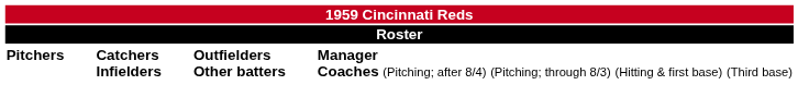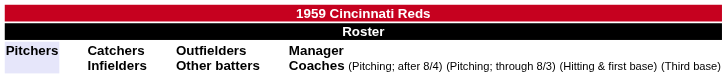 <table class="toccolours" style="font-size: 95%;">
 <tr>
 <th colspan="10" style="background-color: #c6011f; color: white; text-align: center;">1959 Cincinnati Reds</th>
 </tr>
 <tr>
 <td colspan="10" style="background-color: black; color: white; text-align: center;"><strong>Roster</strong></td>
 </tr>
 <tr>
-<td valign="top"><strong>Pitchers</strong><br>                </td>
+<td valign="top" style="background: lavender;"><strong>Pitchers</strong><br>                </td>
 <td width="25px"></td>
 <td valign="top"><strong>Catchers</strong><br>  <strong>Infielders</strong>          </td>
 <td width="25px"></td>
 <td valign="top"><strong>Outfielders</strong><br>        <strong>Other batters</strong>  </td>
 <td width="25px"></td>
 <td valign="top"><strong>Manager</strong><br>  <strong>Coaches</strong>  <small>(Pitching; after 8/4)</small>  <small>(Pitching; through 8/3)</small>  <small>(Hitting & first base)</small>  <small>(Third base)</small></td>
 </tr>
 </table>
